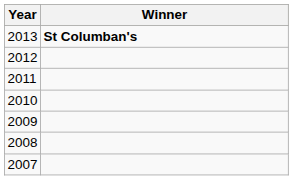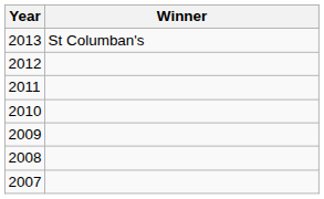 <table class="wikitable">
 <tr bgcolor=#bdb76b>
 <th style="width:2em;">Year</th>
 <th style="width:18em;">Winner</th>
 </tr>
 <tr>
 <td>2013</td>
-<td><strong>St Columban's</strong></td>
+<td>St Columban's</td>
 </tr>
 <tr>
 <td>2012</td>
 <td></td>
 </tr>
 <tr>
 <td>2011</td>
 <td></td>
 </tr>
 <tr>
 <td>2010</td>
 <td></td>
 </tr>
 <tr>
 <td>2009</td>
 <td></td>
 </tr>
 <tr>
 <td>2008</td>
 <td></td>
 </tr>
 <tr>
 <td>2007</td>
 <td></td>
 </tr>
 </table>
